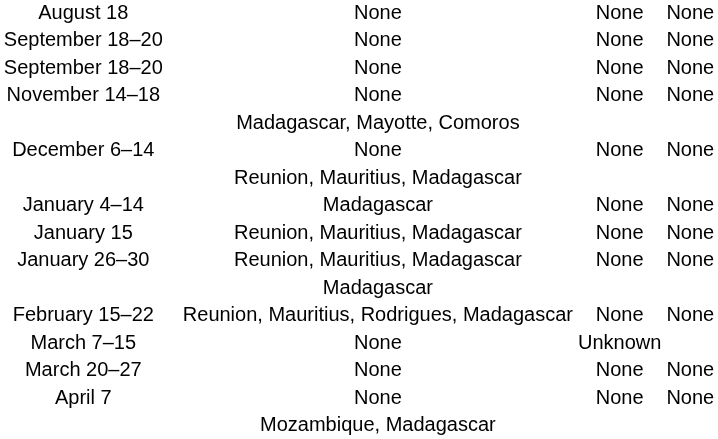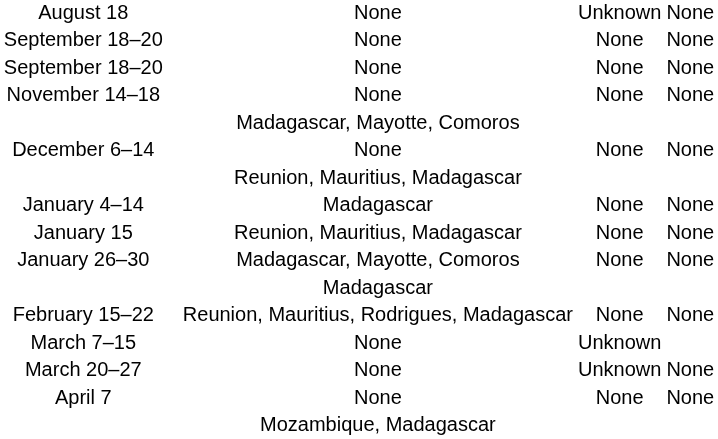 <table style="margin: auto; text-align: center;" >
 <tr>
 <td><br></td>
 </tr>
 <tr>
 <td></td>
 <td>August 18</td>
 <td></td>
 <td></td>
 <td></td>
 <td>None</td>
-<td>None</td>
+<td>Unknown</td>
 <td>None</td>
 <td></td>
 </tr>
 <tr>
 <td></td>
 <td>September 18–20</td>
 <td></td>
 <td></td>
 <td></td>
 <td>None</td>
 <td>None</td>
 <td>None</td>
 <td></td>
 </tr>
 <tr>
 <td></td>
 <td>September 18–20</td>
 <td></td>
 <td></td>
 <td></td>
 <td>None</td>
 <td>None</td>
 <td>None</td>
 <td></td>
 </tr>
 <tr>
 <td></td>
 <td>November 14–18</td>
 <td></td>
 <td></td>
 <td></td>
 <td>None</td>
 <td>None</td>
 <td>None</td>
 <td></td>
 </tr>
 <tr>
 <td></td>
 <td></td>
 <td></td>
 <td></td>
 <td></td>
 <td>Madagascar, Mayotte, Comoros</td>
 <td></td>
 <td></td>
 <td></td>
 </tr>
 <tr>
 <td></td>
 <td>December 6–14</td>
 <td></td>
 <td></td>
 <td></td>
 <td>None</td>
 <td>None</td>
 <td>None</td>
 <td></td>
 </tr>
 <tr>
 <td></td>
 <td></td>
 <td></td>
 <td></td>
 <td></td>
 <td>Reunion, Mauritius, Madagascar</td>
 <td></td>
 <td></td>
 <td></td>
 </tr>
 <tr>
 <td></td>
 <td>January 4–14</td>
 <td></td>
 <td></td>
 <td></td>
 <td>Madagascar</td>
 <td>None</td>
 <td>None</td>
 <td></td>
 </tr>
 <tr>
 <td></td>
 <td>January 15</td>
 <td></td>
 <td></td>
 <td></td>
 <td>Reunion, Mauritius, Madagascar</td>
 <td>None</td>
 <td>None</td>
 <td></td>
 </tr>
 <tr>
 <td></td>
 <td>January 26–30</td>
 <td></td>
 <td></td>
 <td></td>
-<td>Reunion, Mauritius, Madagascar</td>
+<td>Madagascar, Mayotte, Comoros</td>
 <td>None</td>
 <td>None</td>
 <td></td>
 </tr>
 <tr>
 <td></td>
 <td></td>
 <td></td>
 <td></td>
 <td></td>
 <td>Madagascar</td>
 <td></td>
 <td></td>
 <td></td>
 </tr>
 <tr>
 <td></td>
 <td>February 15–22</td>
 <td></td>
 <td></td>
 <td></td>
 <td>Reunion, Mauritius, Rodrigues, Madagascar</td>
 <td>None</td>
 <td>None</td>
 <td></td>
 </tr>
 <tr>
 <td></td>
 <td>March 7–15</td>
 <td></td>
 <td></td>
 <td></td>
 <td>None</td>
 <td>Unknown</td>
 <td></td>
 <td></td>
 </tr>
 <tr>
 <td></td>
 <td>March 20–27</td>
 <td></td>
 <td></td>
 <td></td>
 <td>None</td>
-<td>None</td>
+<td>Unknown</td>
 <td>None</td>
 <td></td>
 </tr>
 <tr>
 <td></td>
 <td>April 7</td>
 <td></td>
 <td></td>
 <td></td>
 <td>None</td>
 <td>None</td>
 <td>None</td>
 <td></td>
 </tr>
 <tr>
 <td></td>
 <td></td>
 <td></td>
 <td></td>
 <td></td>
 <td>Mozambique, Madagascar</td>
 <td></td>
 <td></td>
 <td></td>
 </tr>
 <tr>
 </tr>
 </table>
